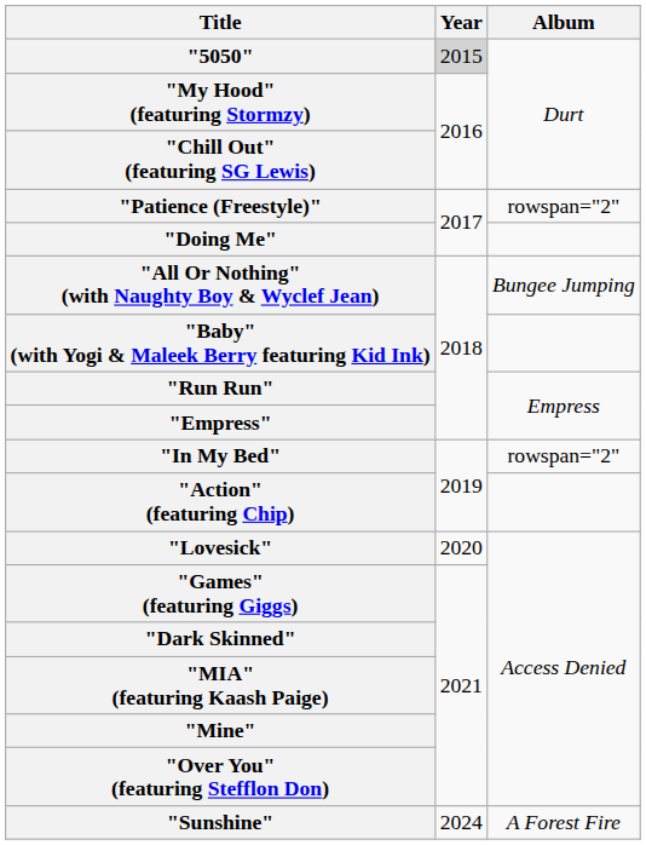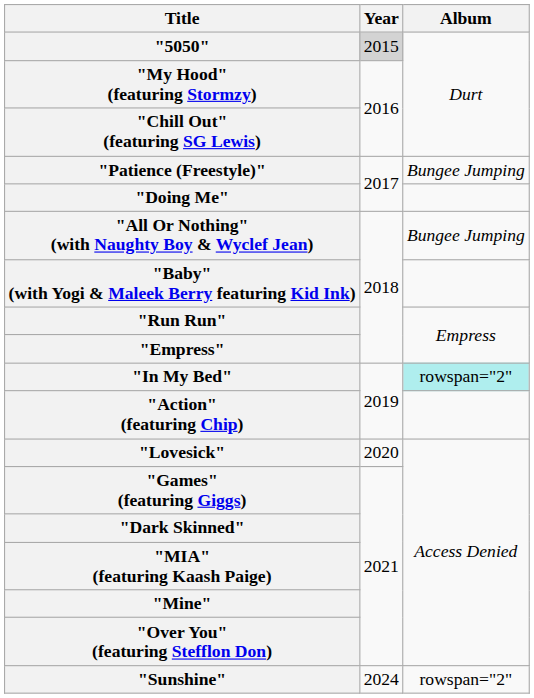 <table class="wikitable plainrowheaders" style="text-align:center;">
 <tr>
 <th scope="col">Title</th>
 <th scope="col" style="width:1em;">Year</th>
 <th scope="col">Album</th>
 </tr>
 <tr>
 <th scope="row">"5050"</th>
 <td style="background: lightgrey;">2015</td>
 <td rowspan="3"><em>Durt</em></td>
 </tr>
 <tr>
 <th scope="row">"My Hood"<br><span>(featuring <a href='#'>Stormzy</a>)</span></th>
 <td rowspan="2">2016</td>
 </tr>
 <tr>
 <th scope="row">"Chill Out"<br><span>(featuring <a href='#'>SG Lewis</a>)</span></th>
 </tr>
 <tr>
 <th scope="row">"Patience (Freestyle)"</th>
 <td rowspan="2">2017</td>
-<td>rowspan="2" </td>
+<td><em>Bungee Jumping</em></td>
 </tr>
 <tr>
 <th scope="row">"Doing Me"</th>
 </tr>
 <tr>
 <th scope="row">"All Or Nothing"<br><span>(with <a href='#'>Naughty Boy</a> & <a href='#'>Wyclef Jean</a>)</span></th>
 <td rowspan="4">2018</td>
 <td><em>Bungee Jumping</em></td>
 </tr>
 <tr>
 <th scope="row">"Baby"<br><span>(with Yogi & <a href='#'>Maleek Berry</a> featuring <a href='#'>Kid Ink</a>)</span></th>
 <td></td>
 </tr>
 <tr>
 <th scope="row">"Run Run"</th>
 <td rowspan="2"><em>Empress</em></td>
 </tr>
 <tr>
 <th scope="row">"Empress"</th>
 </tr>
 <tr>
 <th scope="row">"In My Bed"</th>
 <td rowspan="2">2019</td>
-<td>rowspan="2" </td>
+<td style="background: paleturquoise;">rowspan="2" </td>
 </tr>
 <tr>
 <th scope="row">"Action" <br><span>(featuring <a href='#'>Chip</a>)</span></th>
 </tr>
 <tr>
 <th scope="row">"Lovesick"</th>
 <td>2020</td>
 <td rowspan="6"><em>Access Denied</em></td>
 </tr>
 <tr>
 <th scope="row">"Games" <br><span>(featuring <a href='#'>Giggs</a>)</span></th>
 <td rowspan="5">2021</td>
 </tr>
 <tr>
 <th scope="row">"Dark Skinned"</th>
 </tr>
 <tr>
 <th scope="row">"MIA"<br><span>(featuring Kaash Paige)</span></th>
 </tr>
 <tr>
 <th scope="row">"Mine"</th>
 </tr>
 <tr>
 <th scope="row">"Over You"<br><span>(featuring <a href='#'>Stefflon Don</a>)</span></th>
 </tr>
 <tr>
 <th scope="row">"Sunshine"</th>
 <td>2024</td>
-<td><em>A Forest Fire</em></td>
+<td>rowspan="2" </td>
 </tr>
 </table>
